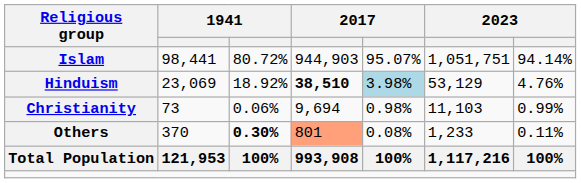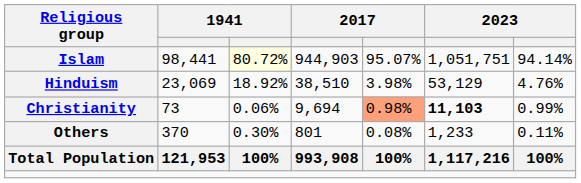 <table class="wikitable sortable">
 <tr>
 <th rowspan="2"><a href='#'>Religious</a><br>group</th>
 <th colspan="2">1941</th>
 <th colspan="2">2017</th>
 <th colspan="2">2023</th>
 </tr>
 <tr>
 <th><a href='#'></a></th>
 <th></th>
 <th></th>
 <th></th>
 <th></th>
 <th></th>
 </tr>
 <tr>
 <th><a href='#'>Islam</a> </th>
 <td>98,441</td>
-<td>80.72%</td>
+<td style="background: lightyellow;">80.72%</td>
 <td>944,903</td>
 <td>95.07%</td>
 <td>1,051,751</td>
 <td>94.14%</td>
 </tr>
 <tr>
 <th><a href='#'>Hinduism</a> </th>
 <td>23,069</td>
 <td>18.92%</td>
-<td><strong>38,510</strong></td>
-<td style="background: lightblue;">3.98%</td>
+<td>38,510</td>
+<td>3.98%</td>
 <td>53,129</td>
 <td>4.76%</td>
 </tr>
 <tr>
 <th><a href='#'>Christianity</a> </th>
 <td>73</td>
 <td>0.06%</td>
 <td>9,694</td>
-<td>0.98%</td>
-<td>11,103</td>
+<td style="background: lightsalmon;">0.98%</td>
+<td><strong>11,103</strong></td>
 <td>0.99%</td>
 </tr>
 <tr>
 <th>Others </th>
 <td>370</td>
-<td><strong>0.30%</strong></td>
-<td style="background: lightsalmon;">801</td>
+<td>0.30%</td>
+<td>801</td>
 <td>0.08%</td>
 <td>1,233</td>
 <td>0.11%</td>
 </tr>
 <tr>
 <th>Total Population</th>
 <th>121,953</th>
 <th>100%</th>
 <th>993,908</th>
 <th>100%</th>
 <th>1,117,216</th>
 <th>100%</th>
 </tr>
 <tr class="sortbottom">
 <td colspan="7"></td>
 </tr>
 </table>
